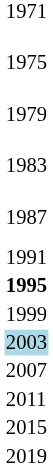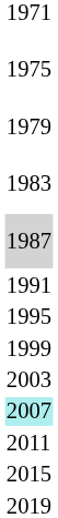 <table>
 <tr>
 <td>1971</td>
 <td></td>
 <td></td>
 <td><br><br></td>
 </tr>
 <tr>
 <td>1975</td>
 <td></td>
 <td></td>
 <td><br><br></td>
 </tr>
 <tr>
 <td>1979</td>
 <td></td>
 <td></td>
 <td><br><br></td>
 </tr>
 <tr>
 <td>1983</td>
 <td></td>
 <td></td>
 <td><br><br></td>
 </tr>
 <tr>
-<td>1987</td>
+<td style="background: lightgrey;">1987</td>
 <td></td>
 <td></td>
 <td><br><br></td>
 </tr>
 <tr>
 <td>1991</td>
 <td></td>
 <td></td>
 <td><br></td>
 </tr>
 <tr>
-<td><strong>1995</strong></td>
+<td>1995</td>
 <td></td>
 <td></td>
 <td><br></td>
 </tr>
 <tr>
 <td>1999</td>
 <td></td>
 <td></td>
 <td><br></td>
 </tr>
 <tr>
-<td style="background: lightblue;">2003</td>
+<td>2003</td>
 <td></td>
 <td></td>
 <td><br></td>
 </tr>
 <tr>
-<td>2007</td>
+<td style="background: paleturquoise;">2007</td>
 <td></td>
 <td></td>
 <td><br></td>
 </tr>
 <tr>
 <td rowspan=2>2011<br></td>
 <td rowspan=2></td>
 <td rowspan=2></td>
 <td></td>
 </tr>
 <tr>
 <td></td>
 </tr>
 <tr>
 <td rowspan=2>2015<br></td>
 <td rowspan=2></td>
 <td rowspan=2></td>
 <td></td>
 </tr>
 <tr>
 <td></td>
 </tr>
 <tr>
 <td rowspan=2>2019<br></td>
 <td rowspan=2></td>
 <td rowspan=2></td>
 <td></td>
 </tr>
 <tr>
 <td></td>
 </tr>
 </table>
